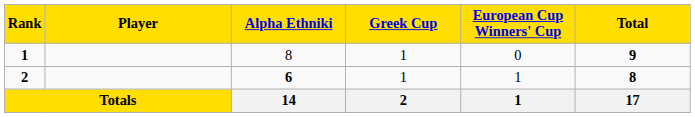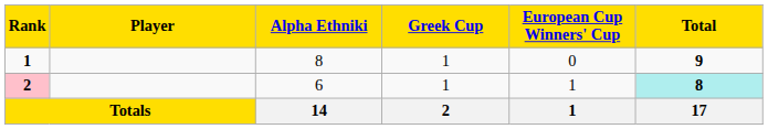 <table class="wikitable sortable" style="text-align:center">
 <tr>
 <th style="background:#FFDE00">Rank</th>
 <th width=200 style="background:#FFDE00">Player</th>
 <th width=120 style="background:#FFDE00"><a href='#'>Alpha Ethniki</a></th>
 <th width=120 style="background:#FFDE00"><a href='#'>Greek Cup</a></th>
 <th width=120 style="background:#FFDE00"><a href='#'>European Cup Winners' Cup</a></th>
 <th width=120 style="background:#FFDE00">Total</th>
 </tr>
 <tr>
 <td><strong>1</strong></td>
 <td align=left></td>
 <td>8</td>
 <td>1</td>
 <td>0</td>
 <td><strong>9</strong></td>
 </tr>
 <tr>
-<td><strong>2</strong></td>
+<td style="background: pink;"><strong>2</strong></td>
 <td align=left></td>
-<td><strong>6</strong></td>
+<td>6</td>
 <td>1</td>
 <td>1</td>
-<td><strong>8</strong></td>
+<td style="background: paleturquoise;"><strong>8</strong></td>
 </tr>
 <tr class="sortbottom">
 <th colspan=2 style="background:#FFDE00"><strong>Totals</strong></th>
 <th><strong>14</strong></th>
 <th><strong> 2</strong></th>
 <th><strong> 1</strong></th>
 <th><strong>17</strong></th>
 </tr>
 </table>
